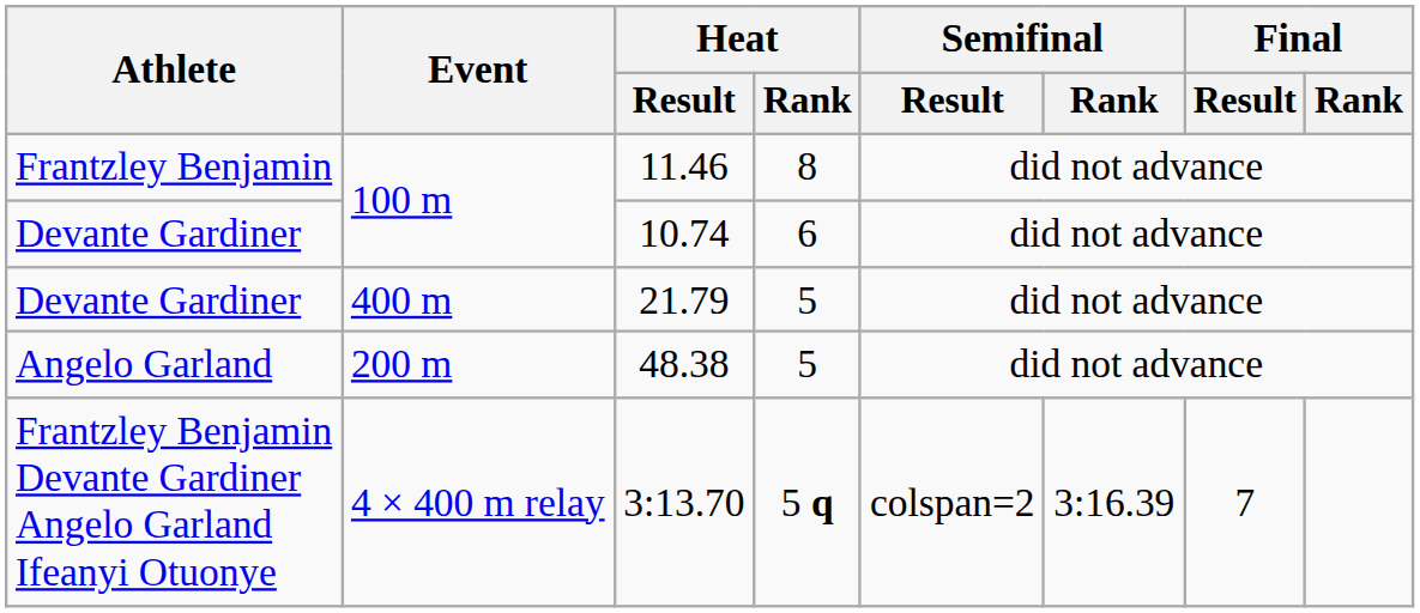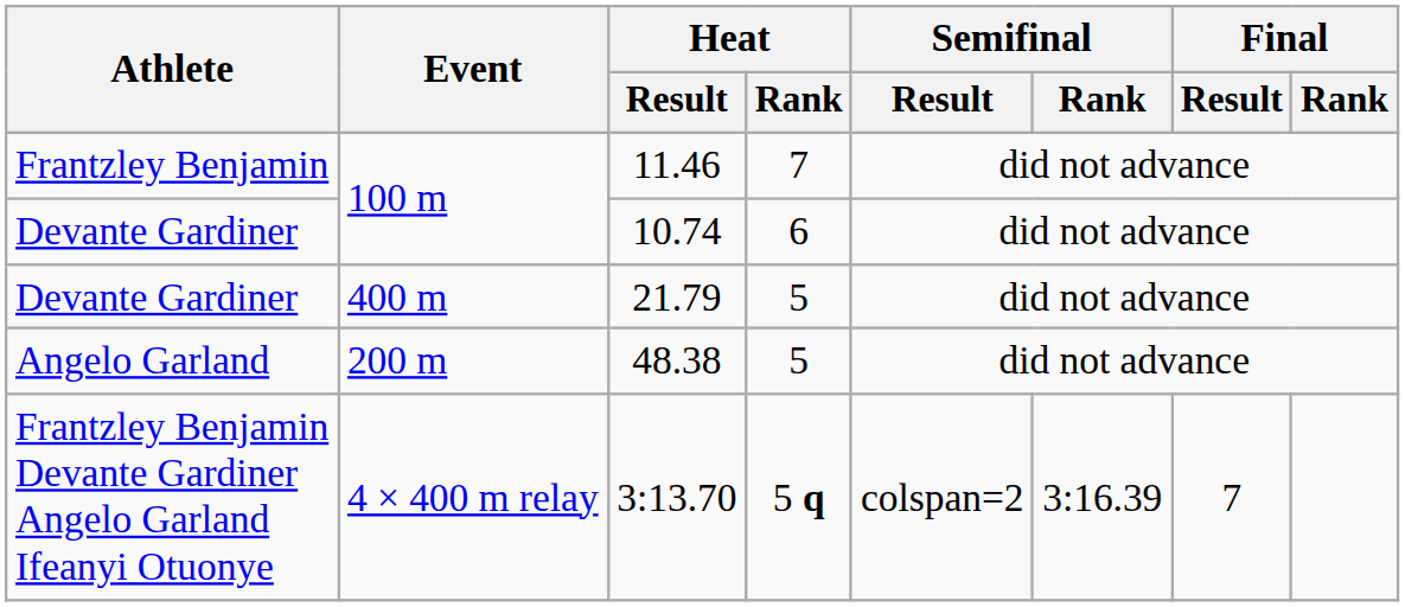 <table class="wikitable" style="font-size:90%">
 <tr>
 <th rowspan=2>Athlete</th>
 <th rowspan=2>Event</th>
 <th colspan=2>Heat</th>
 <th colspan=2>Semifinal</th>
 <th colspan=2>Final</th>
 </tr>
 <tr style="font-size:95%">
 <th>Result</th>
 <th>Rank</th>
 <th>Result</th>
 <th>Rank</th>
 <th>Result</th>
 <th>Rank</th>
 </tr>
 <tr align=center>
 <td align=left><a href='#'>Frantzley Benjamin</a></td>
 <td align=left rowspan=2><a href='#'>100 m</a></td>
 <td>11.46</td>
-<td>8</td>
+<td>7</td>
 <td colspan=4>did not advance</td>
 </tr>
 <tr align=center>
 <td align=left><a href='#'>Devante Gardiner</a></td>
 <td>10.74</td>
 <td>6</td>
 <td colspan=4>did not advance</td>
 </tr>
 <tr align=center>
 <td align=left><a href='#'>Devante Gardiner</a></td>
 <td align=left><a href='#'>400 m</a></td>
 <td>21.79</td>
 <td>5</td>
 <td colspan=4>did not advance</td>
 </tr>
 <tr align=center>
 <td align=left><a href='#'>Angelo Garland</a></td>
 <td align=left><a href='#'>200 m</a></td>
 <td>48.38</td>
 <td>5</td>
 <td colspan=4>did not advance</td>
 </tr>
 <tr align=center>
 <td align=left><a href='#'>Frantzley Benjamin</a><br><a href='#'>Devante Gardiner</a><br><a href='#'>Angelo Garland</a><br><a href='#'>Ifeanyi Otuonye</a></td>
 <td align=left><a href='#'>4 × 400 m relay</a></td>
 <td>3:13.70</td>
 <td>5 <strong>q</strong></td>
 <td>colspan=2 </td>
 <td>3:16.39</td>
 <td>7</td>
 </tr>
 </table>
